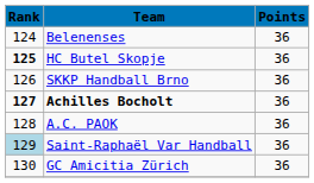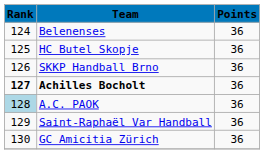 <table class="wikitable" style="text-align: center">
 <tr>
 <th style="color:#000000; background:#0079BC">Rank</th>
 <th style="color:#000000; background:#0079BC">Team</th>
 <th style="color:#000000; background:#0079BC">Points</th>
 </tr>
 <tr>
 <td>124</td>
 <td align=left> <a href='#'>Belenenses</a></td>
 <td>36</td>
 </tr>
 <tr>
-<td><strong>125</strong></td>
+<td>125</td>
 <td align=left> <a href='#'>HC Butel Skopje</a></td>
 <td>36</td>
 </tr>
 <tr>
 <td>126</td>
 <td align=left> <a href='#'>SKKP Handball Brno</a></td>
 <td>36</td>
 </tr>
 <tr>
 <td><strong>127</strong></td>
 <td align=left> <strong>Achilles Bocholt</strong></td>
 <td>36</td>
 </tr>
 <tr>
-<td>128</td>
+<td style="background: lightblue;">128</td>
 <td align=left> <a href='#'>A.C. PAOK</a></td>
 <td>36</td>
 </tr>
 <tr>
-<td style="background: lightblue;">129</td>
+<td>129</td>
 <td align=left> <a href='#'>Saint-Raphaël Var Handball</a></td>
 <td>36</td>
 </tr>
 <tr>
 <td>130</td>
 <td align=left> <a href='#'>GC Amicitia Zürich</a></td>
 <td>36</td>
 </tr>
 <tr>
 </tr>
 </table>
